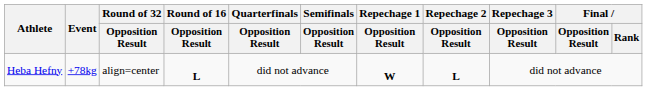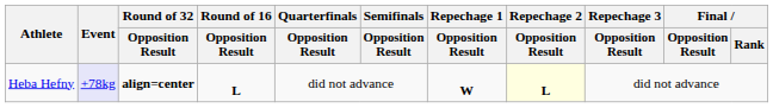 <table class="wikitable" style="font-size:90%">
 <tr>
 <th rowspan="2">Athlete</th>
 <th rowspan="2">Event</th>
 <th>Round of 32</th>
 <th>Round of 16</th>
 <th>Quarterfinals</th>
 <th>Semifinals</th>
 <th>Repechage 1</th>
 <th>Repechage 2</th>
 <th>Repechage 3</th>
 <th colspan=2>Final / </th>
 </tr>
 <tr style="font-size:95%">
 <th>Opposition<br>Result</th>
 <th>Opposition<br>Result</th>
 <th>Opposition<br>Result</th>
 <th>Opposition<br>Result</th>
 <th>Opposition<br>Result</th>
 <th>Opposition<br>Result</th>
 <th>Opposition<br>Result</th>
 <th>Opposition<br>Result</th>
 <th>Rank</th>
 </tr>
 <tr>
 <td align=left><a href='#'>Heba Hefny</a></td>
-<td align=left><a href='#'>+78kg</a></td>
-<td>align=center </td>
+<td align=left style="background: lavender;"><a href='#'>+78kg</a></td>
+<td><strong>align=center </strong></td>
 <td align=center><br><strong>L</strong></td>
 <td align=center colspan=2>did not advance</td>
 <td align=center><br><strong>W</strong></td>
-<td align=center><br><strong>L</strong></td>
+<td align=center style="background: lightyellow;"><br><strong>L</strong></td>
 <td align=center colspan=3>did not advance</td>
 </tr>
 </table>
